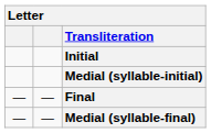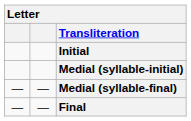 <table class="wikitable" style="text-align: center; display: inline-table;">
 <tr>
 <th colspan="3" style="text-align: left">Letter</th>
 </tr>
 <tr>
 <th style="min-width: 1.75em"></th>
 <th style="min-width: 1.75em"></th>
 <th style="text-align: left"><a href='#'>Transliteration</a></th>
 </tr>
 <tr>
 <td></td>
 <td></td>
 <th style="text-align: left">Initial</th>
 </tr>
 <tr>
 <td></td>
 <td></td>
 <th style="text-align: left">Medial (syllable-initial)</th>
 </tr>
 <tr>
 <td>—</td>
 <td>—</td>
-<th style="text-align: left">Final</th>
+<th style="text-align: left">Medial (syllable-final)</th>
 </tr>
 <tr>
 <td>—</td>
 <td>—</td>
-<th style="text-align: left">Medial (syllable-final)</th>
+<th style="text-align: left">Final</th>
 </tr>
 </table>
